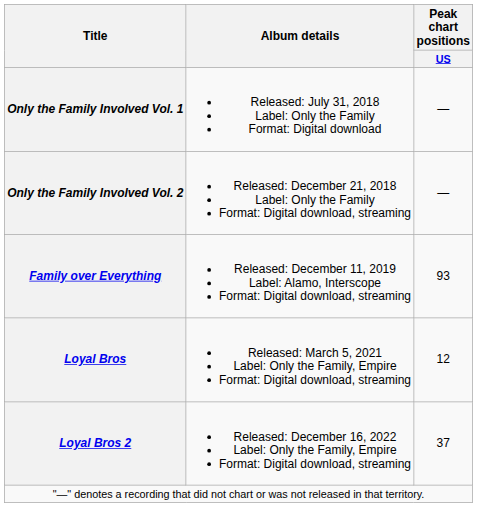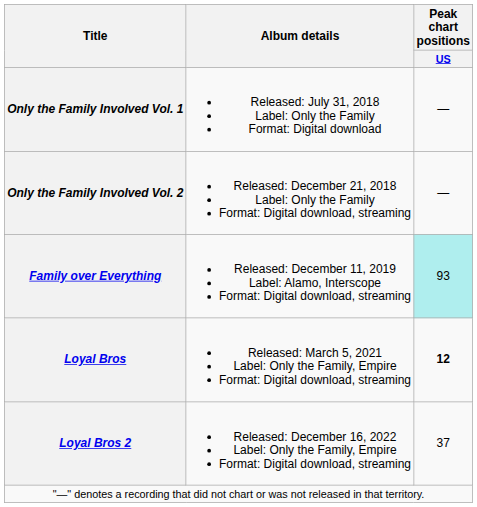 <table class="wikitable plainrowheaders" style="text-align:center;">
 <tr>
 <th scope="col" rowspan="2">Title</th>
 <th scope="col" rowspan="2">Album details</th>
 <th scope="col" colspan="1">Peak chart positions</th>
 </tr>
 <tr>
 <th scope="col" style="width:2.5em;font-size:90%;"><a href='#'>US</a><br></th>
 </tr>
 <tr>
 <th scope="row"><em>Only the Family Involved Vol. 1</em><br></th>
 <td><br><ul><li>Released: July 31, 2018</li><li>Label: Only the Family</li><li>Format: Digital download</li></ul></td>
 <td>—</td>
 </tr>
 <tr>
 <th scope="row"><em>Only the Family Involved Vol. 2</em><br></th>
 <td><br><ul><li>Released: December 21, 2018</li><li>Label: Only the Family</li><li>Format: Digital download, streaming</li></ul></td>
 <td>—</td>
 </tr>
 <tr>
 <th scope="row"><em><a href='#'>Family over Everything</a></em><br></th>
 <td><br><ul><li>Released: December 11, 2019</li><li>Label: Alamo, Interscope</li><li>Format: Digital download, streaming</li></ul></td>
-<td>93</td>
+<td style="background: paleturquoise;">93</td>
 </tr>
 <tr>
 <th scope="row"><em><a href='#'>Loyal Bros</a></em><br></th>
 <td><br><ul><li>Released: March 5, 2021</li><li>Label: Only the Family, Empire</li><li>Format: Digital download, streaming</li></ul></td>
-<td>12</td>
+<td><strong>12</strong></td>
 </tr>
 <tr>
 <th scope="row"><em><a href='#'>Loyal Bros 2</a></em><br></th>
 <td><br><ul><li>Released: December 16, 2022</li><li>Label: Only the Family, Empire</li><li>Format: Digital download, streaming</li></ul></td>
 <td>37</td>
 </tr>
 <tr>
 <td colspan="14" style="font-size:90%">"—" denotes a recording that did not chart or was not released in that territory.</td>
 </tr>
 </table>
